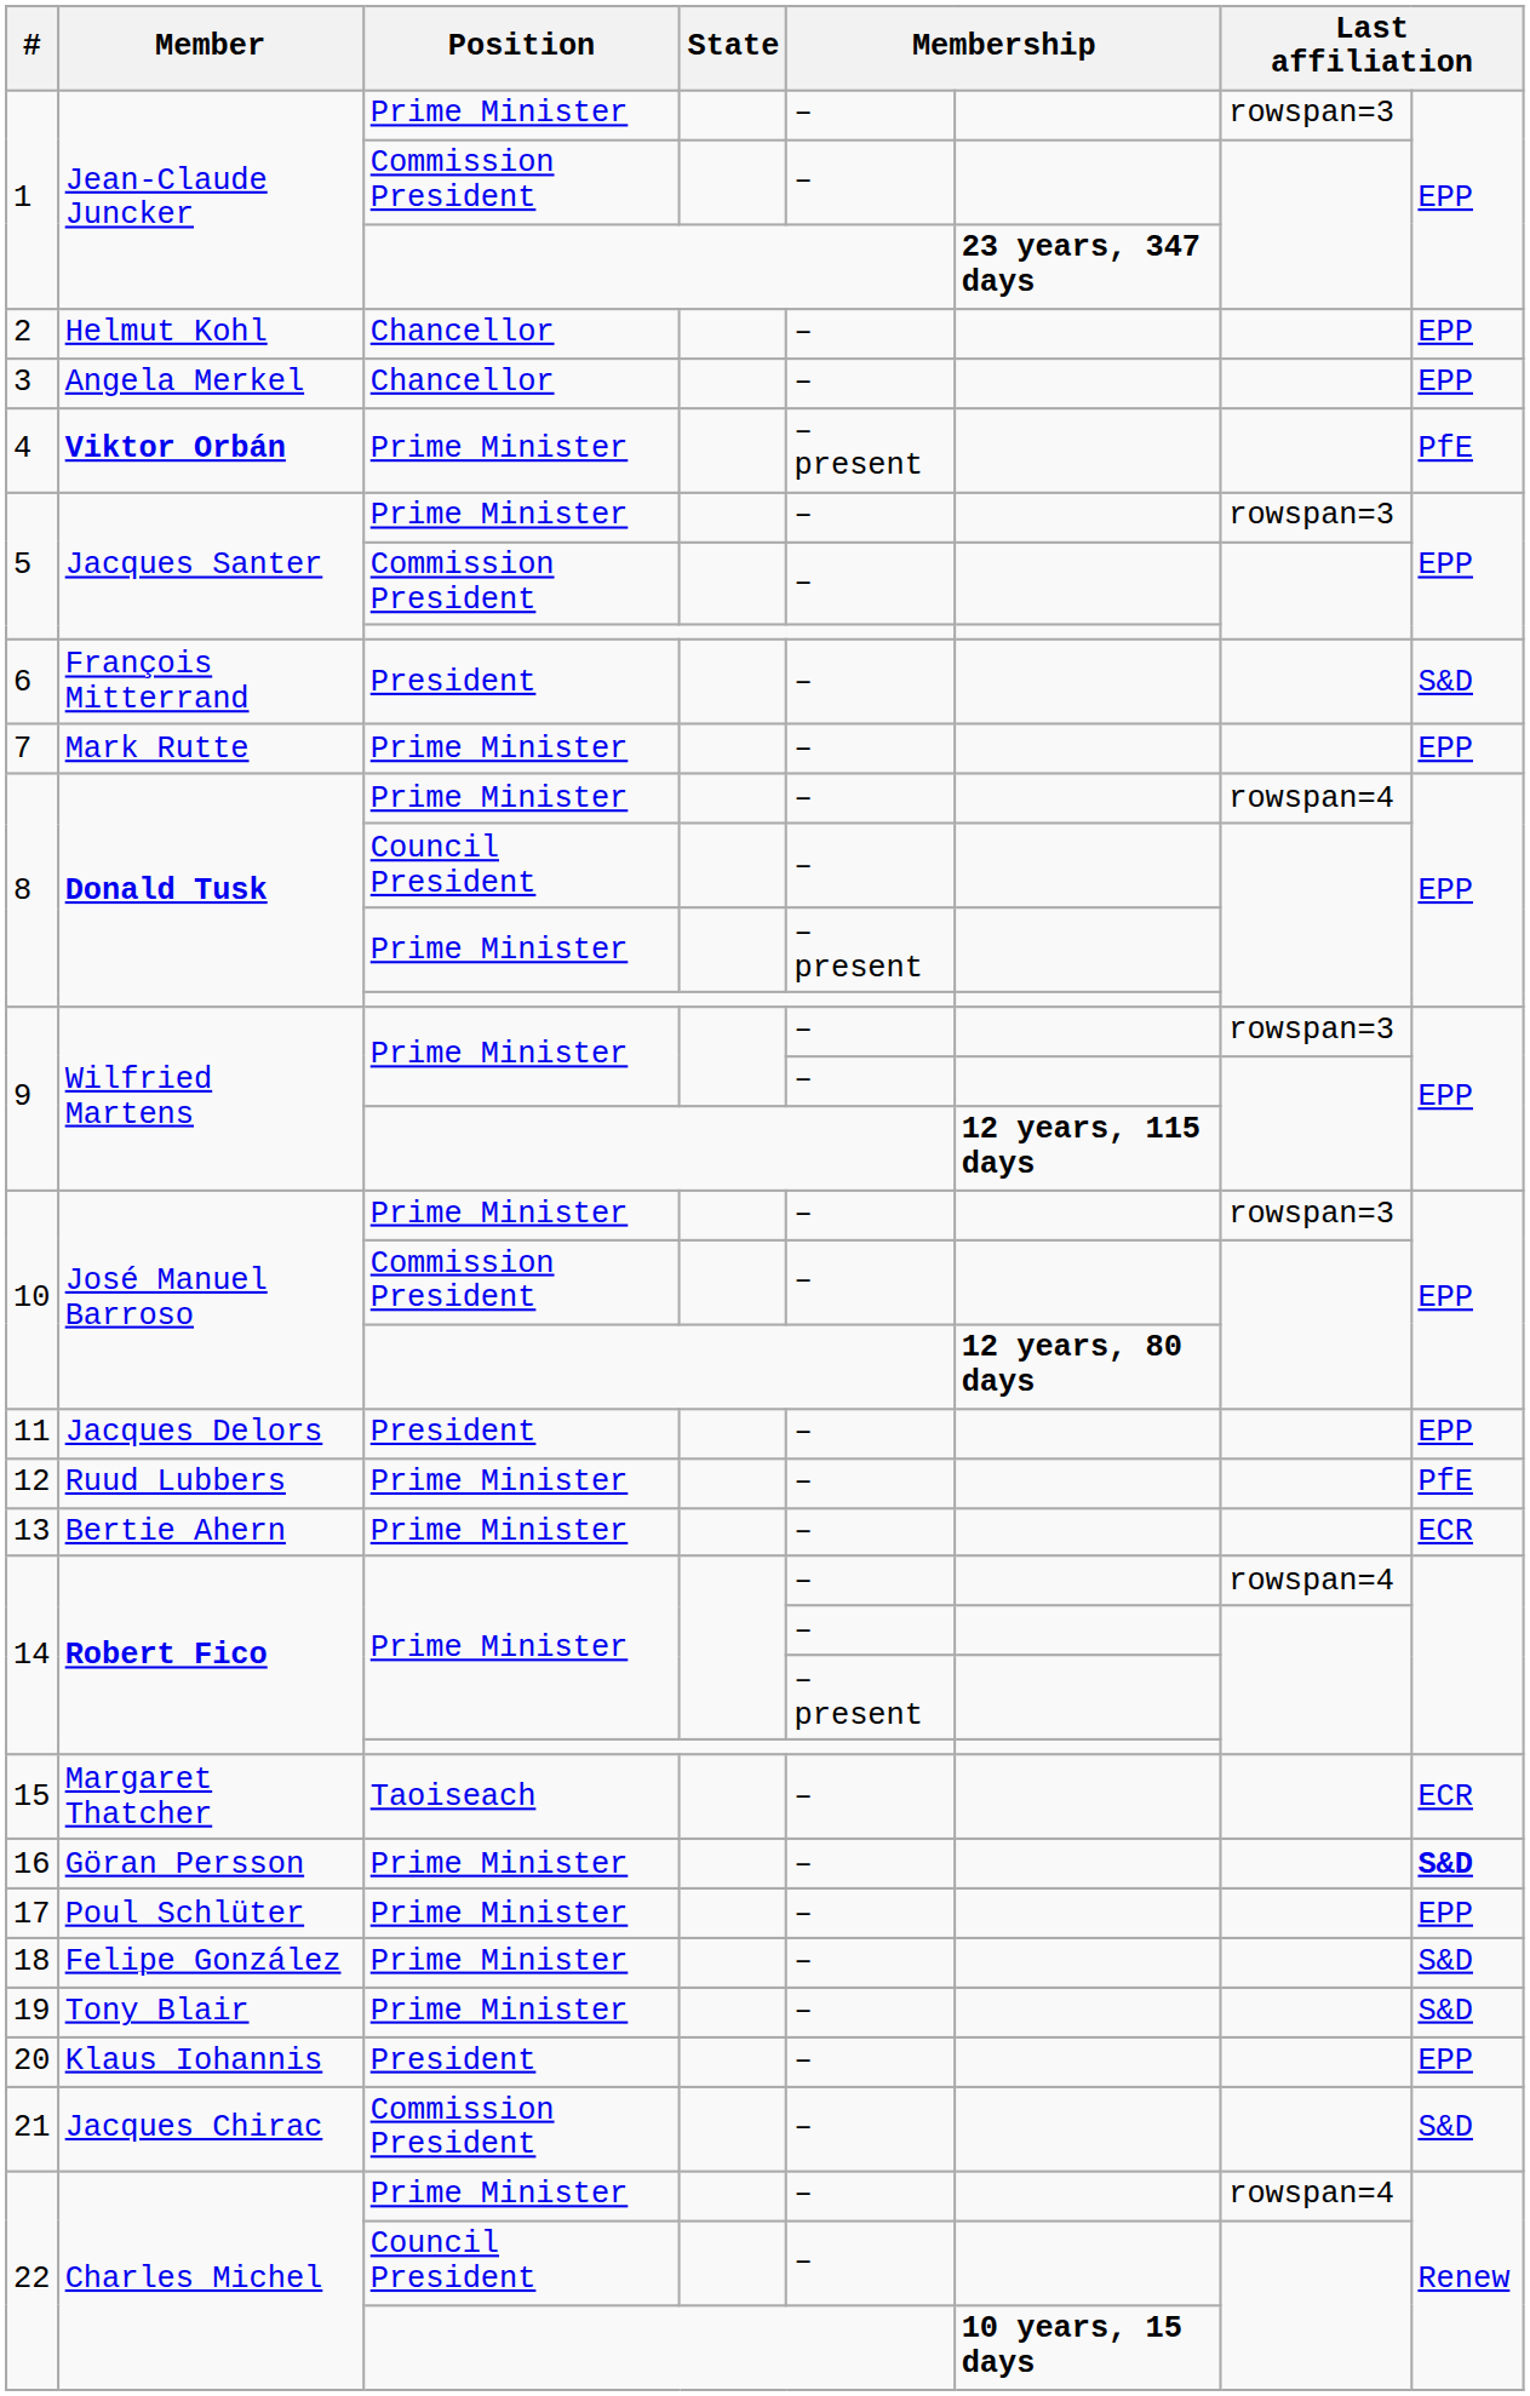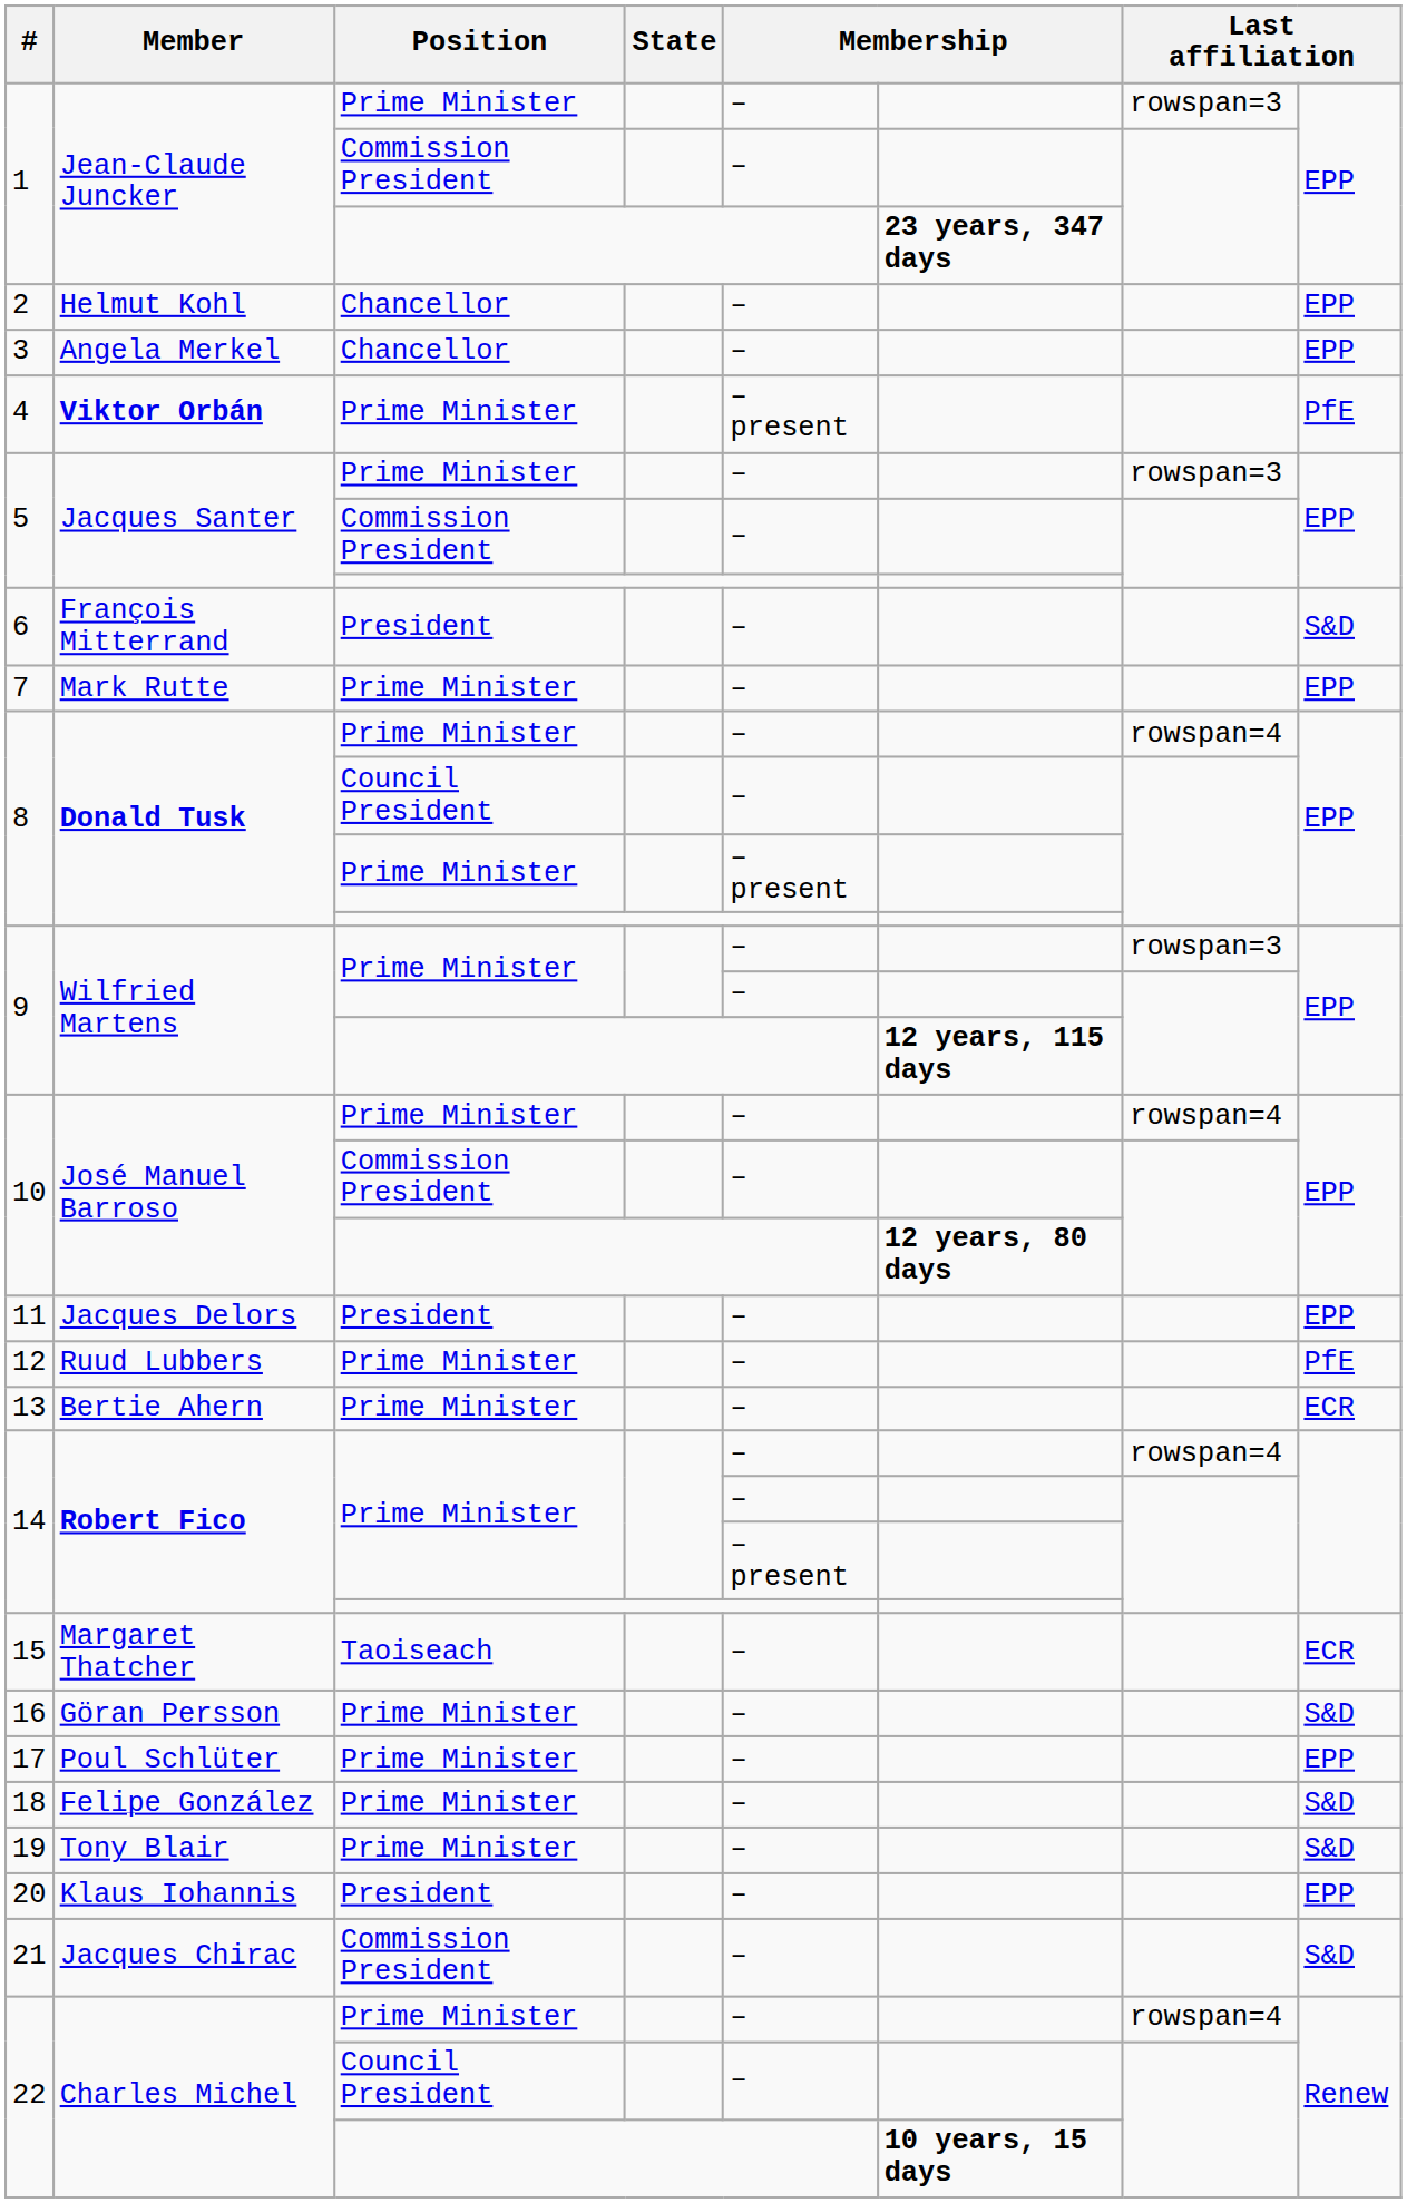 <table class="wikitable" style="font-size:95%">
 <tr>
 <th>#</th>
 <th>Member</th>
 <th>Position</th>
 <th>State</th>
 <th colspan=2>Membership</th>
 <th colspan=2>Last affiliation</th>
 </tr>
 <tr>
 <td rowspan=3>1</td>
 <td rowspan=3><a href='#'>Jean-Claude Juncker</a></td>
 <td><a href='#'>Prime Minister</a></td>
 <td></td>
 <td> – </td>
 <td></td>
 <td>rowspan=3 </td>
 <td rowspan=3><a href='#'>EPP</a></td>
 </tr>
 <tr>
 <td><a href='#'>Commission President</a></td>
 <td></td>
 <td> – </td>
 <td></td>
 </tr>
 <tr>
 <td colspan=3></td>
 <td><strong>23 years, 347 days</strong></td>
 </tr>
 <tr>
 <td>2</td>
 <td><a href='#'>Helmut Kohl</a></td>
 <td><a href='#'>Chancellor</a></td>
 <td></td>
 <td> – </td>
 <td><strong></strong></td>
 <td></td>
 <td><a href='#'>EPP</a></td>
 </tr>
 <tr>
 <td>3</td>
 <td><a href='#'>Angela Merkel</a></td>
 <td><a href='#'>Chancellor</a></td>
 <td></td>
 <td> – </td>
 <td><strong></strong></td>
 <td></td>
 <td><a href='#'>EPP</a></td>
 </tr>
 <tr>
 <td>4</td>
 <td><strong><a href='#'>Viktor Orbán</a></strong></td>
 <td><a href='#'>Prime Minister</a></td>
 <td></td>
 <td> – present</td>
 <td><strong></strong></td>
 <td></td>
 <td><a href='#'>PfE</a></td>
 </tr>
 <tr>
 <td rowspan=3>5</td>
 <td rowspan=3><a href='#'>Jacques Santer</a></td>
 <td><a href='#'>Prime Minister</a></td>
 <td></td>
 <td> – </td>
 <td></td>
 <td>rowspan=3 </td>
 <td rowspan=3><a href='#'>EPP</a></td>
 </tr>
 <tr>
 <td><a href='#'>Commission President</a></td>
 <td></td>
 <td> – </td>
 <td></td>
 </tr>
 <tr>
 <td colspan=3></td>
 <td><strong></strong></td>
 </tr>
 <tr>
 <td>6</td>
 <td><a href='#'>François Mitterrand</a></td>
 <td><a href='#'>President</a></td>
 <td></td>
 <td> – </td>
 <td><strong></strong></td>
 <td></td>
 <td><a href='#'>S&D</a></td>
 </tr>
 <tr>
 <td>7</td>
 <td><a href='#'>Mark Rutte</a></td>
 <td><a href='#'>Prime Minister</a></td>
 <td></td>
 <td> – </td>
 <td><strong></strong></td>
 <td></td>
 <td><a href='#'>EPP</a></td>
 </tr>
 <tr>
 <td rowspan=4>8</td>
 <td rowspan=4><strong><a href='#'>Donald Tusk</a></strong></td>
 <td><a href='#'>Prime Minister</a></td>
 <td></td>
 <td> – </td>
 <td></td>
 <td>rowspan=4 </td>
 <td rowspan=4><a href='#'>EPP</a></td>
 </tr>
 <tr>
 <td><a href='#'>Council President</a></td>
 <td></td>
 <td> – </td>
 <td></td>
 </tr>
 <tr>
 <td><a href='#'>Prime Minister</a></td>
 <td></td>
 <td> – present</td>
 <td></td>
 </tr>
 <tr>
 <td colspan=3></td>
 <td><strong></strong></td>
 </tr>
 <tr>
 <td rowspan=3>9</td>
 <td rowspan=3><a href='#'>Wilfried Martens</a></td>
 <td rowspan=2><a href='#'>Prime Minister</a></td>
 <td rowspan=2></td>
 <td> – </td>
 <td></td>
 <td>rowspan=3 </td>
 <td rowspan=3><a href='#'>EPP</a></td>
 </tr>
 <tr>
 <td> – </td>
 <td></td>
 </tr>
 <tr>
 <td colspan=3></td>
 <td><strong>12 years, 115 days</strong></td>
 </tr>
 <tr>
 <td rowspan=3>10</td>
 <td rowspan=3><a href='#'>José Manuel Barroso</a></td>
 <td><a href='#'>Prime Minister</a></td>
 <td></td>
 <td> – </td>
 <td></td>
-<td>rowspan=3 </td>
+<td>rowspan=4 </td>
 <td rowspan=3><a href='#'>EPP</a></td>
 </tr>
 <tr>
 <td><a href='#'>Commission President</a></td>
 <td></td>
 <td> – </td>
 <td></td>
 </tr>
 <tr>
 <td colspan=3></td>
 <td><strong>12 years, 80 days</strong></td>
 </tr>
 <tr>
 <td>11</td>
 <td><a href='#'>Jacques Delors</a></td>
 <td><a href='#'>President</a></td>
 <td></td>
 <td> – </td>
 <td><strong></strong></td>
 <td></td>
 <td><a href='#'>EPP</a></td>
 </tr>
 <tr>
 <td>12</td>
 <td><a href='#'>Ruud Lubbers</a></td>
 <td><a href='#'>Prime Minister</a></td>
 <td></td>
 <td> – </td>
 <td><strong></strong></td>
 <td></td>
 <td><a href='#'>PfE</a></td>
 </tr>
 <tr>
 <td>13</td>
 <td><a href='#'>Bertie Ahern</a></td>
 <td><a href='#'>Prime Minister</a></td>
 <td></td>
 <td> – </td>
 <td><strong></strong></td>
 <td></td>
 <td><a href='#'>ECR</a></td>
 </tr>
 <tr>
 <td rowspan=4>14</td>
 <td rowspan=4><strong><a href='#'>Robert Fico</a></strong></td>
 <td rowspan=3><a href='#'>Prime Minister</a></td>
 <td rowspan=3></td>
 <td> – </td>
 <td></td>
 <td>rowspan=4 </td>
 <td rowspan=4></td>
 </tr>
 <tr>
 <td> – </td>
 <td></td>
 </tr>
 <tr>
 <td> – present</td>
 <td></td>
 </tr>
 <tr>
 <td colspan=3></td>
 <td><strong></strong></td>
 </tr>
 <tr>
 <td>15</td>
 <td><a href='#'>Margaret Thatcher</a></td>
 <td><a href='#'>Taoiseach</a></td>
 <td></td>
 <td> – </td>
 <td><strong></strong></td>
 <td></td>
 <td><a href='#'>ECR</a></td>
 </tr>
 <tr>
 <td>16</td>
 <td><a href='#'>Göran Persson</a></td>
 <td><a href='#'>Prime Minister</a></td>
 <td></td>
 <td> – </td>
 <td><strong></strong></td>
 <td></td>
-<td><strong><a href='#'>S&D</a></strong></td>
+<td><a href='#'>S&D</a></td>
 </tr>
 <tr>
 <td>17</td>
 <td><a href='#'>Poul Schlüter</a></td>
 <td><a href='#'>Prime Minister</a></td>
 <td></td>
 <td> – </td>
 <td><strong></strong></td>
 <td></td>
 <td><a href='#'>EPP</a></td>
 </tr>
 <tr>
 <td>18</td>
 <td><a href='#'>Felipe González</a></td>
 <td><a href='#'>Prime Minister</a></td>
 <td></td>
 <td> – </td>
 <td><strong></strong></td>
 <td></td>
 <td><a href='#'>S&D</a></td>
 </tr>
 <tr>
 <td>19</td>
 <td><a href='#'>Tony Blair</a></td>
 <td><a href='#'>Prime Minister</a></td>
 <td></td>
 <td> – </td>
 <td><strong></strong></td>
 <td></td>
 <td><a href='#'>S&D</a></td>
 </tr>
 <tr>
 <td>20</td>
 <td><a href='#'>Klaus Iohannis</a></td>
 <td><a href='#'>President</a></td>
 <td></td>
 <td> – </td>
 <td><strong></strong></td>
 <td></td>
 <td><a href='#'>EPP</a></td>
 </tr>
 <tr>
 <td>21</td>
 <td><a href='#'>Jacques Chirac</a></td>
 <td><a href='#'>Commission President</a></td>
 <td></td>
 <td> – </td>
 <td><strong></strong></td>
 <td></td>
 <td><a href='#'>S&D</a></td>
 </tr>
 <tr>
 <td rowspan=3>22</td>
 <td rowspan=3><a href='#'>Charles Michel</a></td>
 <td><a href='#'>Prime Minister</a></td>
 <td></td>
 <td> – </td>
 <td></td>
 <td>rowspan=4 </td>
 <td rowspan=4><a href='#'>Renew</a></td>
 </tr>
 <tr>
 <td><a href='#'>Council President</a></td>
 <td></td>
 <td> – </td>
 <td></td>
 </tr>
 <tr>
 <td colspan=3></td>
 <td><strong>10 years, 15 days</strong></td>
 </tr>
 </table>
